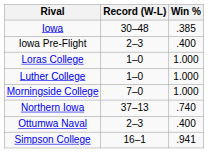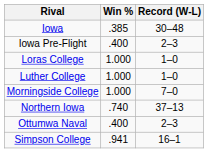 <table class="wikitable" style="text-align: center">
 <tr align=center>
 <th>Rival</th>
+<th>Win %</th>
 <th>Record (W-L)</th>
-<th>Win %</th>
 </tr>
 <tr>
 <td><a href='#'>Iowa</a></td>
+<td>.385</td>
 <td>30–48</td>
-<td>.385</td>
 </tr>
 <tr>
 <td>Iowa Pre-Flight</td>
+<td>.400</td>
 <td>2–3</td>
-<td>.400</td>
 </tr>
 <tr>
 <td><a href='#'>Loras College</a></td>
+<td>1.000</td>
 <td>1–0</td>
-<td>1.000</td>
 </tr>
 <tr>
 <td><a href='#'>Luther College</a></td>
+<td>1.000</td>
 <td>1–0</td>
-<td>1.000</td>
 </tr>
 <tr>
 <td><a href='#'>Morningside College</a></td>
+<td>1.000</td>
 <td>7–0</td>
-<td>1.000</td>
 </tr>
 <tr>
 <td><a href='#'>Northern Iowa</a></td>
+<td>.740</td>
 <td>37–13</td>
-<td>.740</td>
 </tr>
 <tr>
 <td><a href='#'>Ottumwa Naval</a></td>
+<td>.400</td>
 <td>2–3</td>
-<td>.400</td>
 </tr>
 <tr>
 <td><a href='#'>Simpson College</a></td>
+<td>.941</td>
 <td>16–1</td>
-<td>.941</td>
 </tr>
 </table>
